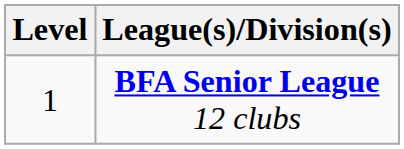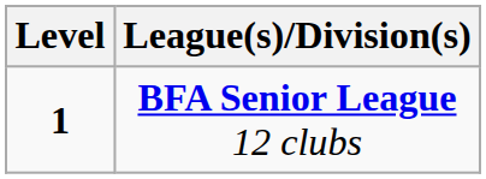 <table class="wikitable" style="text-align: center;">
 <tr>
 <th>Level</th>
 <th colspan="12">League(s)/Division(s)</th>
 </tr>
 <tr>
-<td>1</td>
+<td><strong>1</strong></td>
 <td colspan="12"><strong><a href='#'>BFA Senior League</a></strong><br><em>12 clubs</em></td>
 </tr>
 </table>
